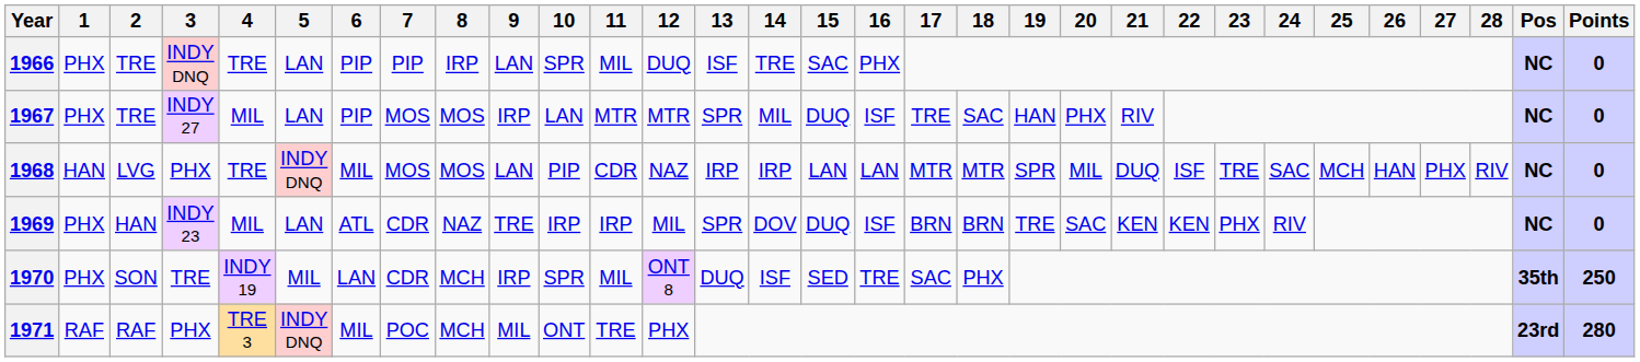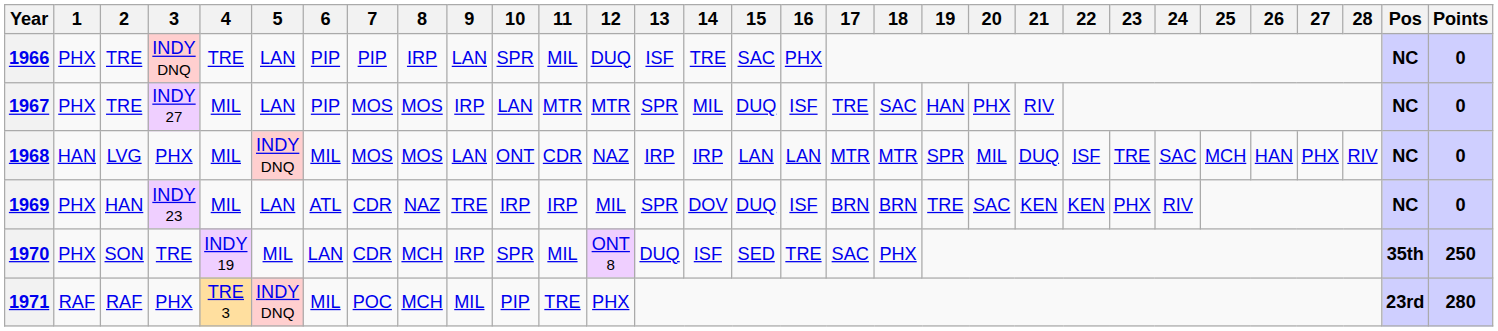 <table class="wikitable" style="text-align:center; font-size:90%">
 <tr>
 <th>Year</th>
 <th>1</th>
 <th>2</th>
 <th>3</th>
 <th>4</th>
 <th>5</th>
 <th>6</th>
 <th>7</th>
 <th>8</th>
 <th>9</th>
 <th>10</th>
 <th>11</th>
 <th>12</th>
 <th>13</th>
 <th>14</th>
 <th>15</th>
 <th>16</th>
 <th>17</th>
 <th>18</th>
 <th>19</th>
 <th>20</th>
 <th>21</th>
 <th>22</th>
 <th>23</th>
 <th>24</th>
 <th>25</th>
 <th>26</th>
 <th>27</th>
 <th>28</th>
 <th>Pos</th>
 <th>Points</th>
 </tr>
 <tr>
 <th><a href='#'>1966</a></th>
 <td><a href='#'>PHX</a></td>
 <td><a href='#'>TRE</a></td>
 <td style="background:#FFCFCF;"><a href='#'>INDY</a> <br><small>DNQ</small></td>
 <td><a href='#'>TRE</a></td>
 <td><a href='#'>LAN</a></td>
 <td><a href='#'>PIP</a></td>
 <td><a href='#'>PIP</a></td>
 <td><a href='#'>IRP</a></td>
 <td><a href='#'>LAN</a></td>
 <td><a href='#'>SPR</a></td>
 <td><a href='#'>MIL</a></td>
 <td><a href='#'>DUQ</a></td>
 <td><a href='#'>ISF</a></td>
 <td><a href='#'>TRE</a></td>
 <td><a href='#'>SAC</a></td>
 <td><a href='#'>PHX</a></td>
 <td colspan=12></td>
 <th style="background:#CFCFFF;">NC</th>
 <th style="background:#CFCFFF;">0</th>
 </tr>
 <tr>
 <th><a href='#'>1967</a></th>
 <td><a href='#'>PHX</a></td>
 <td><a href='#'>TRE</a></td>
 <td style="background:#EFCFFF;"><a href='#'>INDY</a><br><small>27</small></td>
 <td><a href='#'>MIL</a></td>
 <td><a href='#'>LAN</a></td>
 <td><a href='#'>PIP</a></td>
 <td><a href='#'>MOS</a></td>
 <td><a href='#'>MOS</a></td>
 <td><a href='#'>IRP</a></td>
 <td><a href='#'>LAN</a></td>
 <td><a href='#'>MTR</a></td>
 <td><a href='#'>MTR</a></td>
 <td><a href='#'>SPR</a></td>
 <td><a href='#'>MIL</a></td>
 <td><a href='#'>DUQ</a></td>
 <td><a href='#'>ISF</a></td>
 <td><a href='#'>TRE</a></td>
 <td><a href='#'>SAC</a></td>
 <td><a href='#'>HAN</a></td>
 <td><a href='#'>PHX</a></td>
 <td><a href='#'>RIV</a></td>
 <td colspan=7></td>
 <th style="background:#CFCFFF;">NC</th>
 <th style="background:#CFCFFF;">0</th>
 </tr>
 <tr>
 <th><a href='#'>1968</a></th>
 <td><a href='#'>HAN</a></td>
 <td><a href='#'>LVG</a></td>
 <td><a href='#'>PHX</a></td>
-<td><a href='#'>TRE</a></td>
+<td><a href='#'>MIL</a></td>
 <td style="background:#FFCFCF;"><a href='#'>INDY</a> <br><small>DNQ</small></td>
 <td><a href='#'>MIL</a></td>
 <td><a href='#'>MOS</a></td>
 <td><a href='#'>MOS</a></td>
 <td><a href='#'>LAN</a></td>
-<td><a href='#'>PIP</a></td>
+<td><a href='#'>ONT</a></td>
 <td><a href='#'>CDR</a></td>
 <td><a href='#'>NAZ</a></td>
 <td><a href='#'>IRP</a></td>
 <td><a href='#'>IRP</a></td>
 <td><a href='#'>LAN</a></td>
 <td><a href='#'>LAN</a></td>
 <td><a href='#'>MTR</a></td>
 <td><a href='#'>MTR</a></td>
 <td><a href='#'>SPR</a></td>
 <td><a href='#'>MIL</a></td>
 <td><a href='#'>DUQ</a></td>
 <td><a href='#'>ISF</a></td>
 <td><a href='#'>TRE</a></td>
 <td><a href='#'>SAC</a></td>
 <td><a href='#'>MCH</a></td>
 <td><a href='#'>HAN</a></td>
 <td><a href='#'>PHX</a></td>
 <td><a href='#'>RIV</a></td>
 <th style="background:#CFCFFF;">NC</th>
 <th style="background:#CFCFFF;">0</th>
 </tr>
 <tr>
 <th><a href='#'>1969</a></th>
 <td><a href='#'>PHX</a></td>
 <td><a href='#'>HAN</a></td>
 <td style="background:#EFCFFF;"><a href='#'>INDY</a> <br><small>23</small></td>
 <td><a href='#'>MIL</a></td>
 <td><a href='#'>LAN</a></td>
 <td><a href='#'>ATL</a></td>
 <td><a href='#'>CDR</a></td>
 <td><a href='#'>NAZ</a></td>
 <td><a href='#'>TRE</a></td>
 <td><a href='#'>IRP</a></td>
 <td><a href='#'>IRP</a></td>
 <td><a href='#'>MIL</a></td>
 <td><a href='#'>SPR</a></td>
 <td><a href='#'>DOV</a></td>
 <td><a href='#'>DUQ</a></td>
 <td><a href='#'>ISF</a></td>
 <td><a href='#'>BRN</a></td>
 <td><a href='#'>BRN</a></td>
 <td><a href='#'>TRE</a></td>
 <td><a href='#'>SAC</a></td>
 <td><a href='#'>KEN</a></td>
 <td><a href='#'>KEN</a></td>
 <td><a href='#'>PHX</a></td>
 <td><a href='#'>RIV</a></td>
 <td colspan=4></td>
 <th style="background:#CFCFFF;">NC</th>
 <th style="background:#CFCFFF;">0</th>
 </tr>
 <tr>
 <th><a href='#'>1970</a></th>
 <td><a href='#'>PHX</a></td>
 <td><a href='#'>SON</a></td>
 <td><a href='#'>TRE</a></td>
 <td style="background:#EFCFFF;"><a href='#'>INDY</a> <br><small>19</small></td>
 <td><a href='#'>MIL</a></td>
 <td><a href='#'>LAN</a></td>
 <td><a href='#'>CDR</a></td>
 <td><a href='#'>MCH</a></td>
 <td><a href='#'>IRP</a></td>
 <td><a href='#'>SPR</a></td>
 <td><a href='#'>MIL</a></td>
 <td style="background:#EFCFFF;"><a href='#'>ONT</a> <br><small>8</small></td>
 <td><a href='#'>DUQ</a></td>
 <td><a href='#'>ISF</a></td>
 <td><a href='#'>SED</a></td>
 <td><a href='#'>TRE</a></td>
 <td><a href='#'>SAC</a></td>
 <td><a href='#'>PHX</a></td>
 <td colspan=10></td>
 <th style="background:#CFCFFF;">35th</th>
 <th style="background:#CFCFFF;">250</th>
 </tr>
 <tr>
 <th><a href='#'>1971</a></th>
 <td><a href='#'>RAF</a></td>
 <td><a href='#'>RAF</a></td>
 <td><a href='#'>PHX</a></td>
 <td style="background:#FFDF9F;"><a href='#'>TRE</a> <br><small>3</small></td>
 <td style="background:#FFCFCF;"><a href='#'>INDY</a> <br><small>DNQ</small></td>
 <td><a href='#'>MIL</a></td>
 <td><a href='#'>POC</a></td>
 <td><a href='#'>MCH</a></td>
 <td><a href='#'>MIL</a></td>
-<td><a href='#'>ONT</a></td>
+<td><a href='#'>PIP</a></td>
 <td><a href='#'>TRE</a></td>
 <td><a href='#'>PHX</a></td>
 <td colspan=16></td>
 <th style="background:#CFCFFF;">23rd</th>
 <th style="background:#CFCFFF;">280</th>
 </tr>
 </table>
